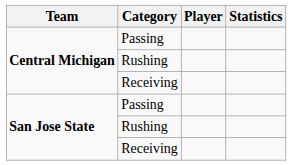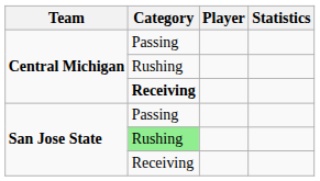 <table class="wikitable" style="float: right;">
 <tr>
 <th>Team</th>
 <th>Category</th>
 <th>Player</th>
 <th>Statistics</th>
 </tr>
 <tr>
 <td rowspan=3><strong>Central Michigan</strong></td>
 <td>Passing</td>
 <td></td>
 <td></td>
 </tr>
 <tr>
 <td>Rushing</td>
 <td></td>
 <td></td>
 </tr>
 <tr>
-<td>Receiving</td>
+<td><strong>Receiving</strong></td>
 <td></td>
 <td></td>
 </tr>
 <tr>
 <td rowspan=3><strong>San Jose State</strong></td>
 <td>Passing</td>
 <td></td>
 <td></td>
 </tr>
 <tr>
-<td>Rushing</td>
+<td style="background: lightgreen;">Rushing</td>
 <td></td>
 <td></td>
 </tr>
 <tr>
 <td>Receiving</td>
 <td></td>
 <td></td>
 </tr>
 </table>
